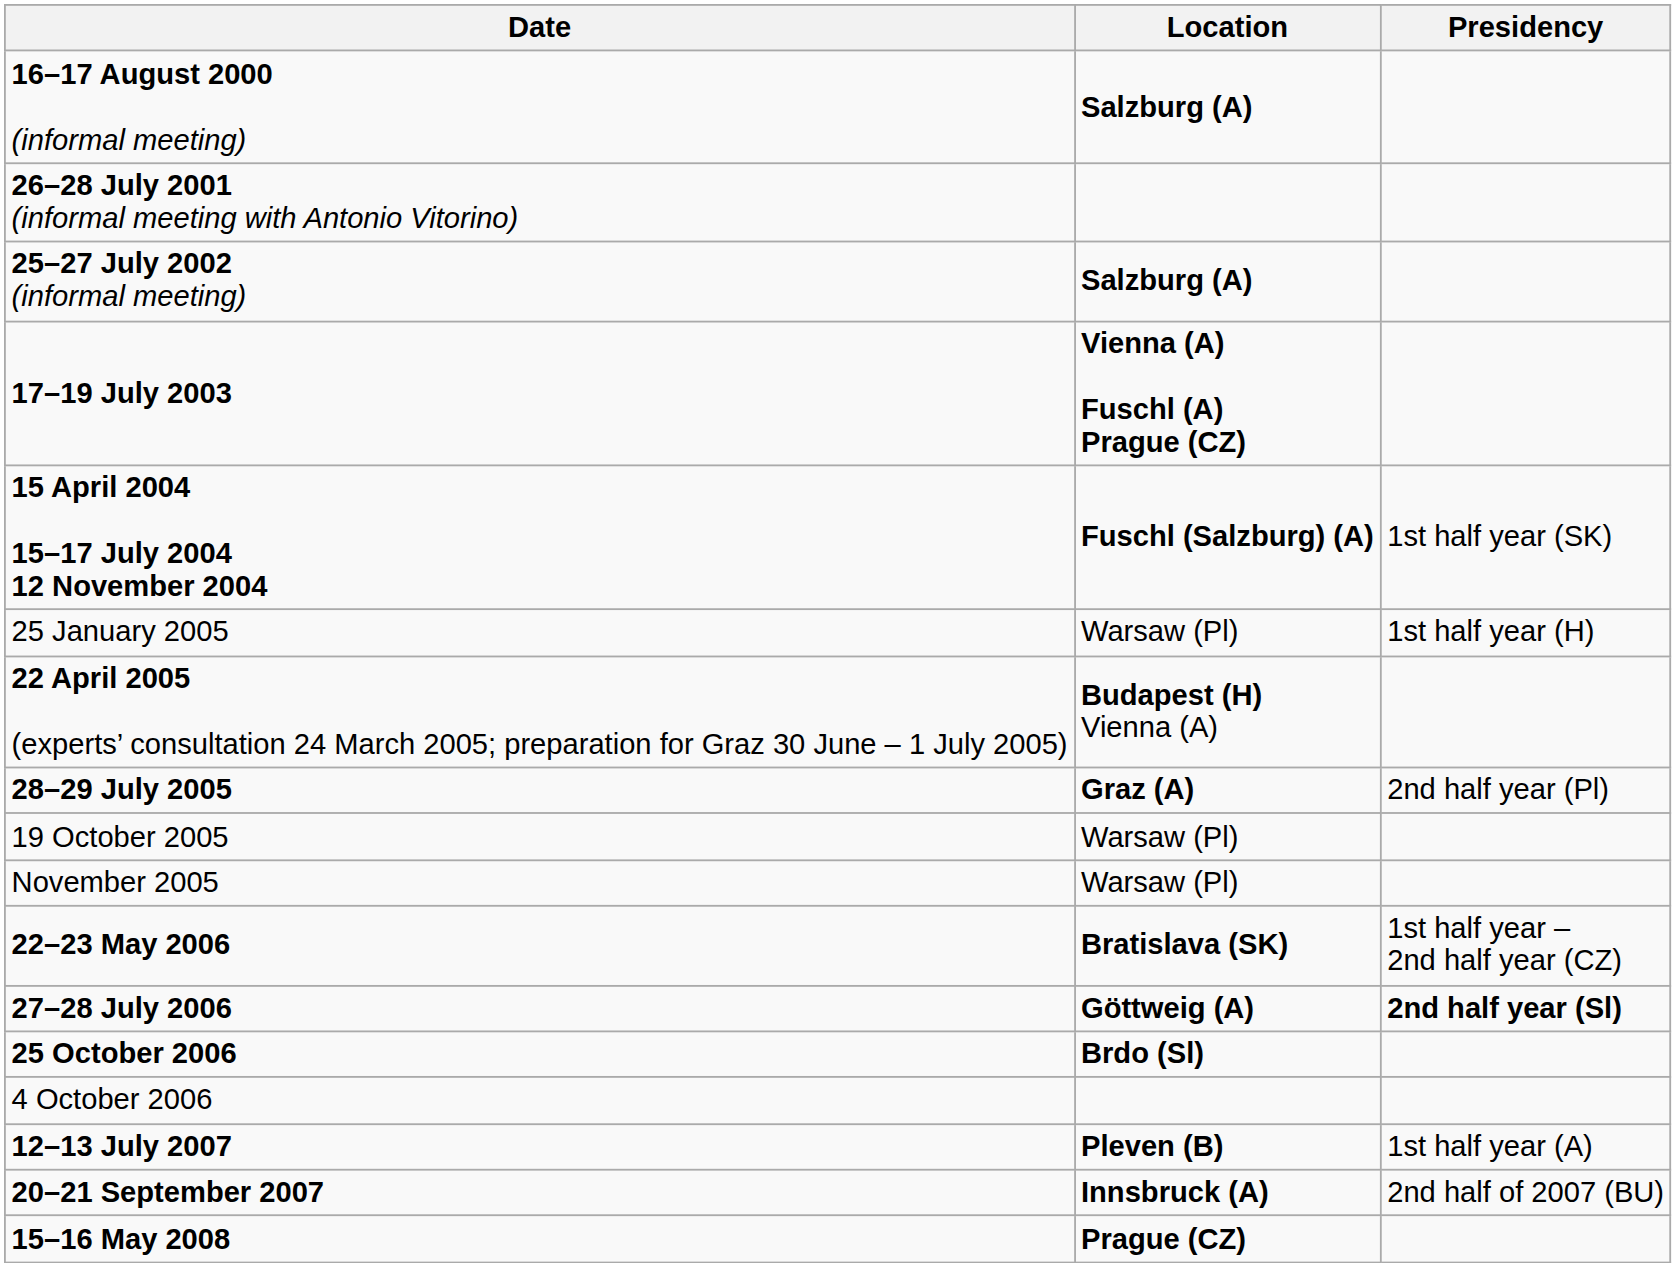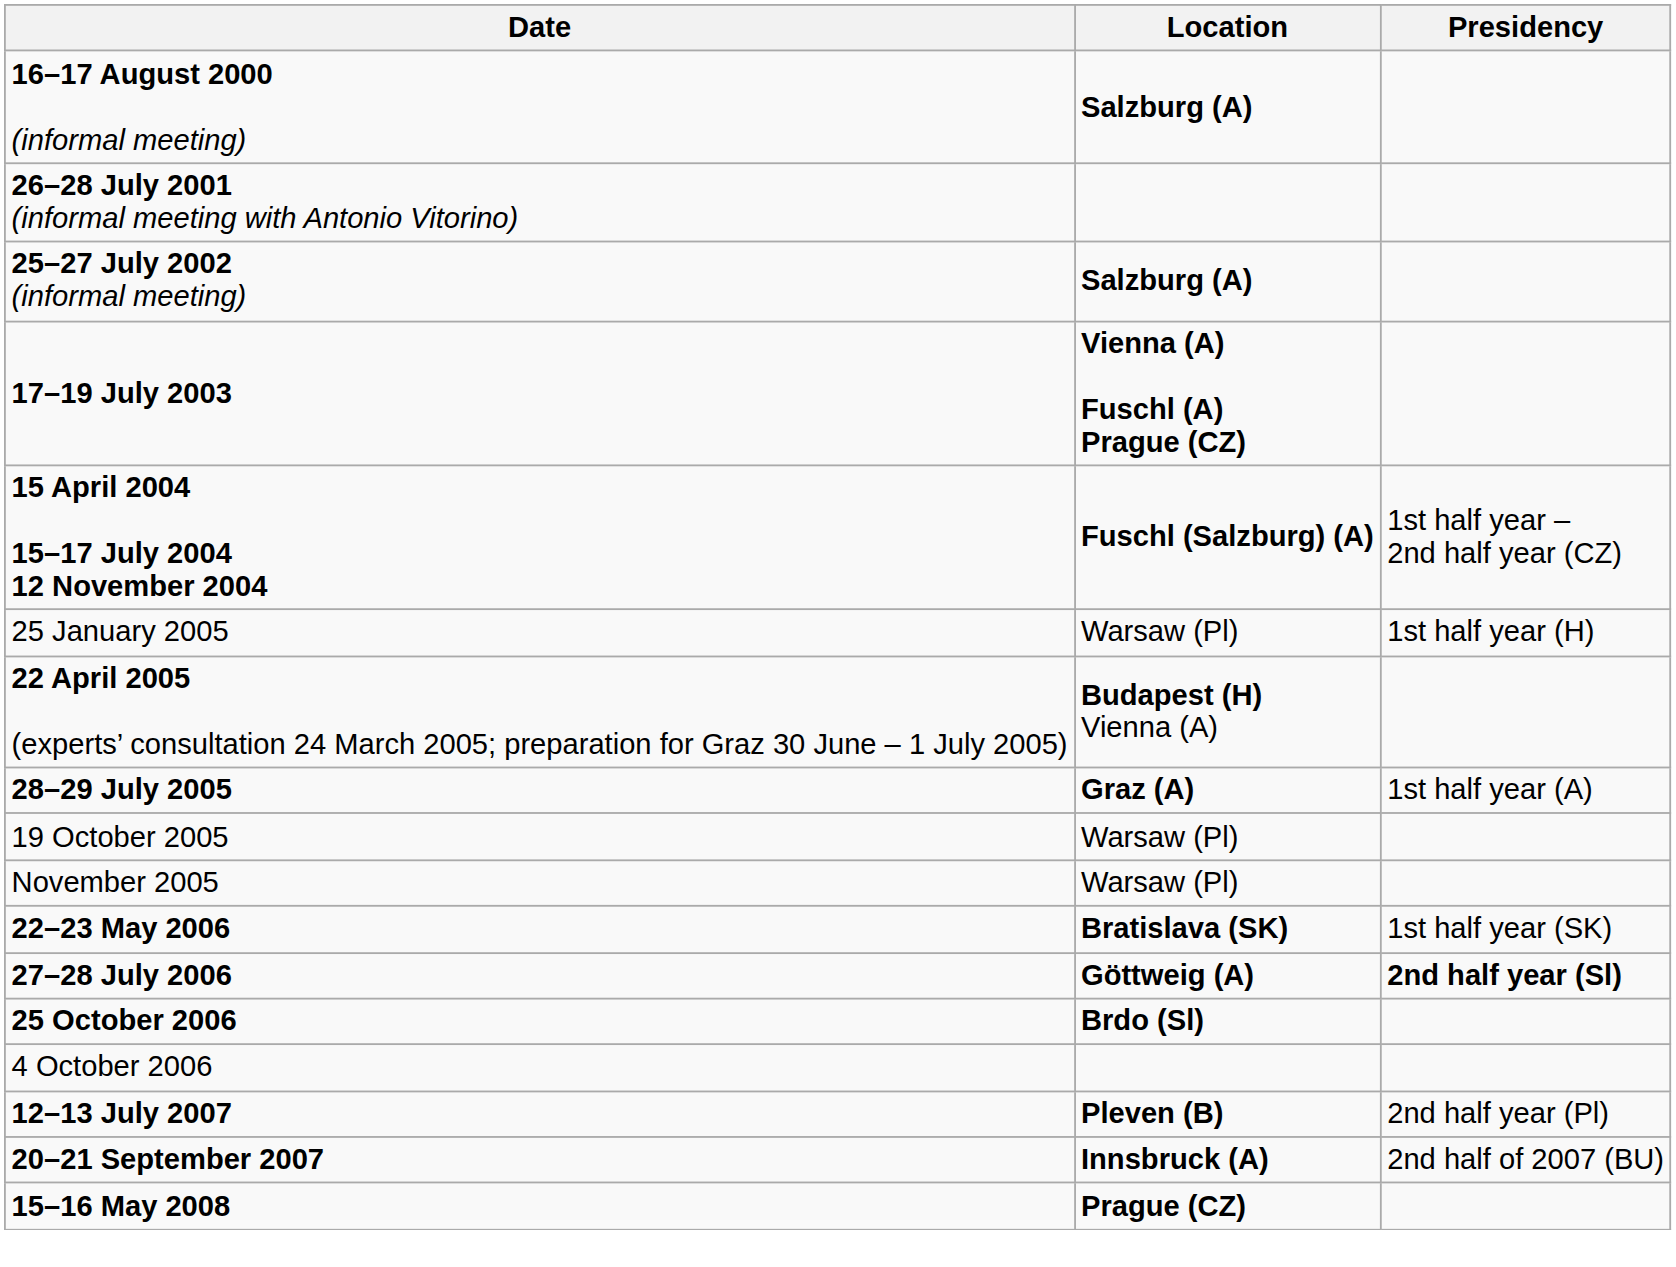 <table class="wikitable">
 <tr>
 <th><strong>Date</strong></th>
 <th><strong>Location</strong></th>
 <th><strong>Presidency</strong></th>
 </tr>
 <tr>
 <td><strong>16–17 August 2000</strong><br><br><em>(informal meeting)</em></td>
 <td><strong>Salzburg (A)</strong></td>
 <td></td>
 </tr>
 <tr>
 <td><strong>26–28 July 2001</strong><br><em>(informal meeting with Antonio Vitorino)</em></td>
 <td></td>
 <td></td>
 </tr>
 <tr>
 <td><strong>25–27 July 2002</strong><br><em>(informal meeting)</em></td>
 <td><strong>Salzburg (A)</strong></td>
 <td></td>
 </tr>
 <tr>
 <td><strong>17–19 July 2003</strong></td>
 <td><strong>Vienna (A)</strong><br><br><strong>Fuschl (A)</strong><br> <strong>Prague (CZ)</strong></td>
 <td></td>
 </tr>
 <tr>
 <td><strong>15 April 2004</strong><br><br><strong>15–17 July 2004</strong><br> <strong>12 November 2004</strong></td>
 <td><strong>Fuschl (Salzburg) (A)</strong></td>
-<td>1st half year (SK)</td>
+<td>1st half year –<br>2nd half year (CZ)</td>
 </tr>
 <tr>
 <td>25 January 2005</td>
 <td>Warsaw (Pl)</td>
 <td>1st half year (H)</td>
 </tr>
 <tr>
 <td><strong>22 April 2005</strong><br><br>(experts’ consultation 24 March 2005; preparation for Graz 30 June – 1 July 2005)</td>
 <td><strong>Budapest (H)</strong><br>Vienna (A)</td>
 <td></td>
 </tr>
 <tr>
 <td><strong>28–29 July 2005</strong></td>
 <td><strong>Graz (A)</strong></td>
-<td>2nd half year (Pl)</td>
+<td>1st half year (A)</td>
 </tr>
 <tr>
 <td>19 October 2005</td>
 <td>Warsaw (Pl)</td>
 <td></td>
 </tr>
 <tr>
 <td>November 2005</td>
 <td>Warsaw (Pl)</td>
 <td></td>
 </tr>
 <tr>
 <td><strong>22–23 May 2006</strong></td>
 <td><strong>Bratislava (SK)</strong></td>
-<td>1st half year –<br>2nd half year (CZ)</td>
+<td>1st half year (SK)</td>
 </tr>
 <tr>
 <td><strong>27–28 July 2006</strong></td>
 <td><strong>Göttweig (A)</strong></td>
 <td><strong>2nd half year (Sl)</strong></td>
 </tr>
 <tr>
 <td><strong>25 October 2006</strong></td>
 <td><strong>Brdo (Sl)</strong></td>
 <td></td>
 </tr>
 <tr>
 <td>4 October 2006</td>
 <td></td>
 <td></td>
 </tr>
 <tr>
 <td><strong>12–13 July 2007</strong></td>
 <td><strong>Pleven (B)</strong></td>
-<td>1st half year (A)</td>
+<td>2nd half year (Pl)</td>
 </tr>
 <tr>
 <td><strong>20–21 September 2007</strong></td>
 <td><strong>Innsbruck (A)</strong></td>
 <td>2nd half of 2007 (BU)</td>
 </tr>
 <tr>
 <td><strong>15–16 May 2008</strong></td>
 <td><strong>Prague (CZ)</strong></td>
 <td></td>
 </tr>
 </table>
